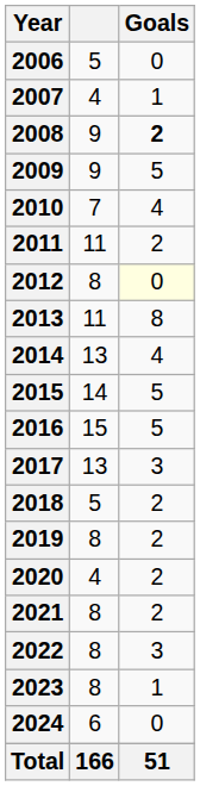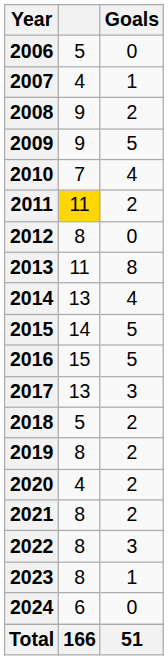 <table class="wikitable sortable plainrowheaders" style="text-align:center">
 <tr>
 <th scope=col>Year</th>
 <th scope=col></th>
 <th scope=col>Goals</th>
 </tr>
 <tr>
 <th scope=row style=text-align:center;>2006</th>
 <td>5</td>
 <td>0</td>
 </tr>
 <tr>
 <th scope=row style=text-align:center;>2007</th>
 <td>4</td>
 <td>1</td>
 </tr>
 <tr>
 <th scope=row style=text-align:center;>2008</th>
 <td>9</td>
-<td><strong>2</strong></td>
+<td>2</td>
 </tr>
 <tr>
 <th scope=row style=text-align:center;>2009</th>
 <td>9</td>
 <td>5</td>
 </tr>
 <tr>
 <th scope=row style=text-align:center;>2010</th>
 <td>7</td>
 <td>4</td>
 </tr>
 <tr>
 <th scope=row style=text-align:center;>2011</th>
-<td>11</td>
+<td style="background: gold;">11</td>
 <td>2</td>
 </tr>
 <tr>
 <th scope=row style=text-align:center;>2012</th>
 <td>8</td>
-<td style="background: lightyellow;">0</td>
+<td>0</td>
 </tr>
 <tr>
 <th scope=row style=text-align:center;>2013</th>
 <td>11</td>
 <td>8</td>
 </tr>
 <tr>
 <th scope=row style=text-align:center;>2014</th>
 <td>13</td>
 <td>4</td>
 </tr>
 <tr>
 <th scope=row style=text-align:center;>2015</th>
 <td>14</td>
 <td>5</td>
 </tr>
 <tr>
 <th scope=row style=text-align:center;>2016</th>
 <td>15</td>
 <td>5</td>
 </tr>
 <tr>
 <th scope=row style=text-align:center;>2017</th>
 <td>13</td>
 <td>3</td>
 </tr>
 <tr>
 <th scope=row style=text-align:center;>2018</th>
 <td>5</td>
 <td>2</td>
 </tr>
 <tr>
 <th scope=row style=text-align:center;>2019</th>
 <td>8</td>
 <td>2</td>
 </tr>
 <tr>
 <th scope=row style=text-align:center;>2020</th>
 <td>4</td>
 <td>2</td>
 </tr>
 <tr>
 <th scope=row style=text-align:center;>2021</th>
 <td>8</td>
 <td>2</td>
 </tr>
 <tr>
 <th scope=row style=text-align:center;>2022</th>
 <td>8</td>
 <td>3</td>
 </tr>
 <tr>
 <th scope=row style=text-align:center;>2023</th>
 <td>8</td>
 <td>1</td>
 </tr>
 <tr>
 <th scope=row style=text-align:center;>2024</th>
 <td>6</td>
 <td>0</td>
 </tr>
 <tr>
 </tr>
 <tr class=sortbottom>
 <th scope=row style=text-align:center;><strong>Total</strong></th>
 <th>166</th>
 <th>51</th>
 </tr>
 </table>
